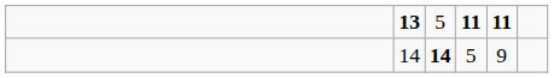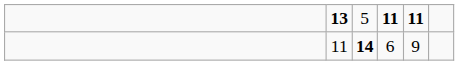 <table class="wikitable">
 <tr>
 <td style="width:18em"></td>
 <td align=center style="width:1em"><strong>13</strong></td>
 <td align=center style="width:1em">5</td>
 <td align=center style="width:1em"><strong>11</strong></td>
 <td align=center style="width:1em"><strong>11</strong></td>
 <td align=center style="width:1em"></td>
 </tr>
 <tr>
 <td style="width:18em"></td>
-<td align=center style="width:1em">14</td>
+<td align=center style="width:1em">11</td>
 <td align=center style="width:1em"><strong>14</strong></td>
-<td align=center style="width:1em">5</td>
+<td align=center style="width:1em">6</td>
 <td align=center style="width:1em">9</td>
 <td align=center style="width:1em"></td>
 </tr>
 </table>
